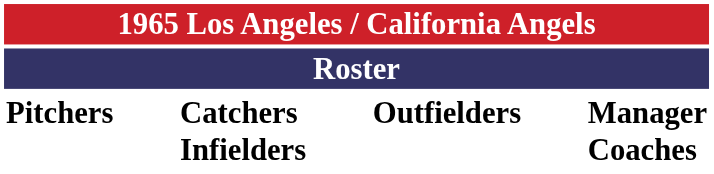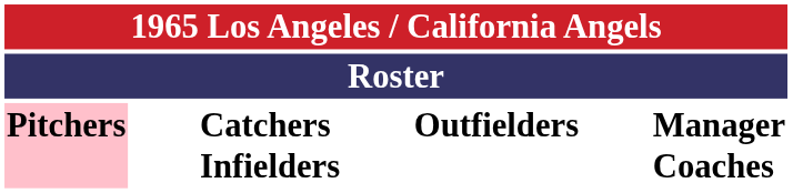 <table class="toccolours" style="font-size: 95%;">
 <tr>
 <th colspan="10" style="background-color: #CE2029; color: white; text-align: center;">1965 Los Angeles / California Angels</th>
 </tr>
 <tr>
 <td colspan="10" style="background-color: #333366; color: white; text-align: center;"><strong>Roster</strong></td>
 </tr>
 <tr>
-<td valign="top"><strong>Pitchers</strong><br>               </td>
+<td valign="top" style="background: pink;"><strong>Pitchers</strong><br>               </td>
 <td width="25px"></td>
 <td valign="top"><strong>Catchers</strong><br>    <strong>Infielders</strong>           </td>
 <td width="25px"></td>
 <td valign="top"><strong>Outfielders</strong><br>          </td>
 <td width="25px"></td>
 <td valign="top"><strong>Manager</strong><br> <strong>Coaches</strong>    </td>
 </tr>
 <tr>
 </tr>
 </table>
